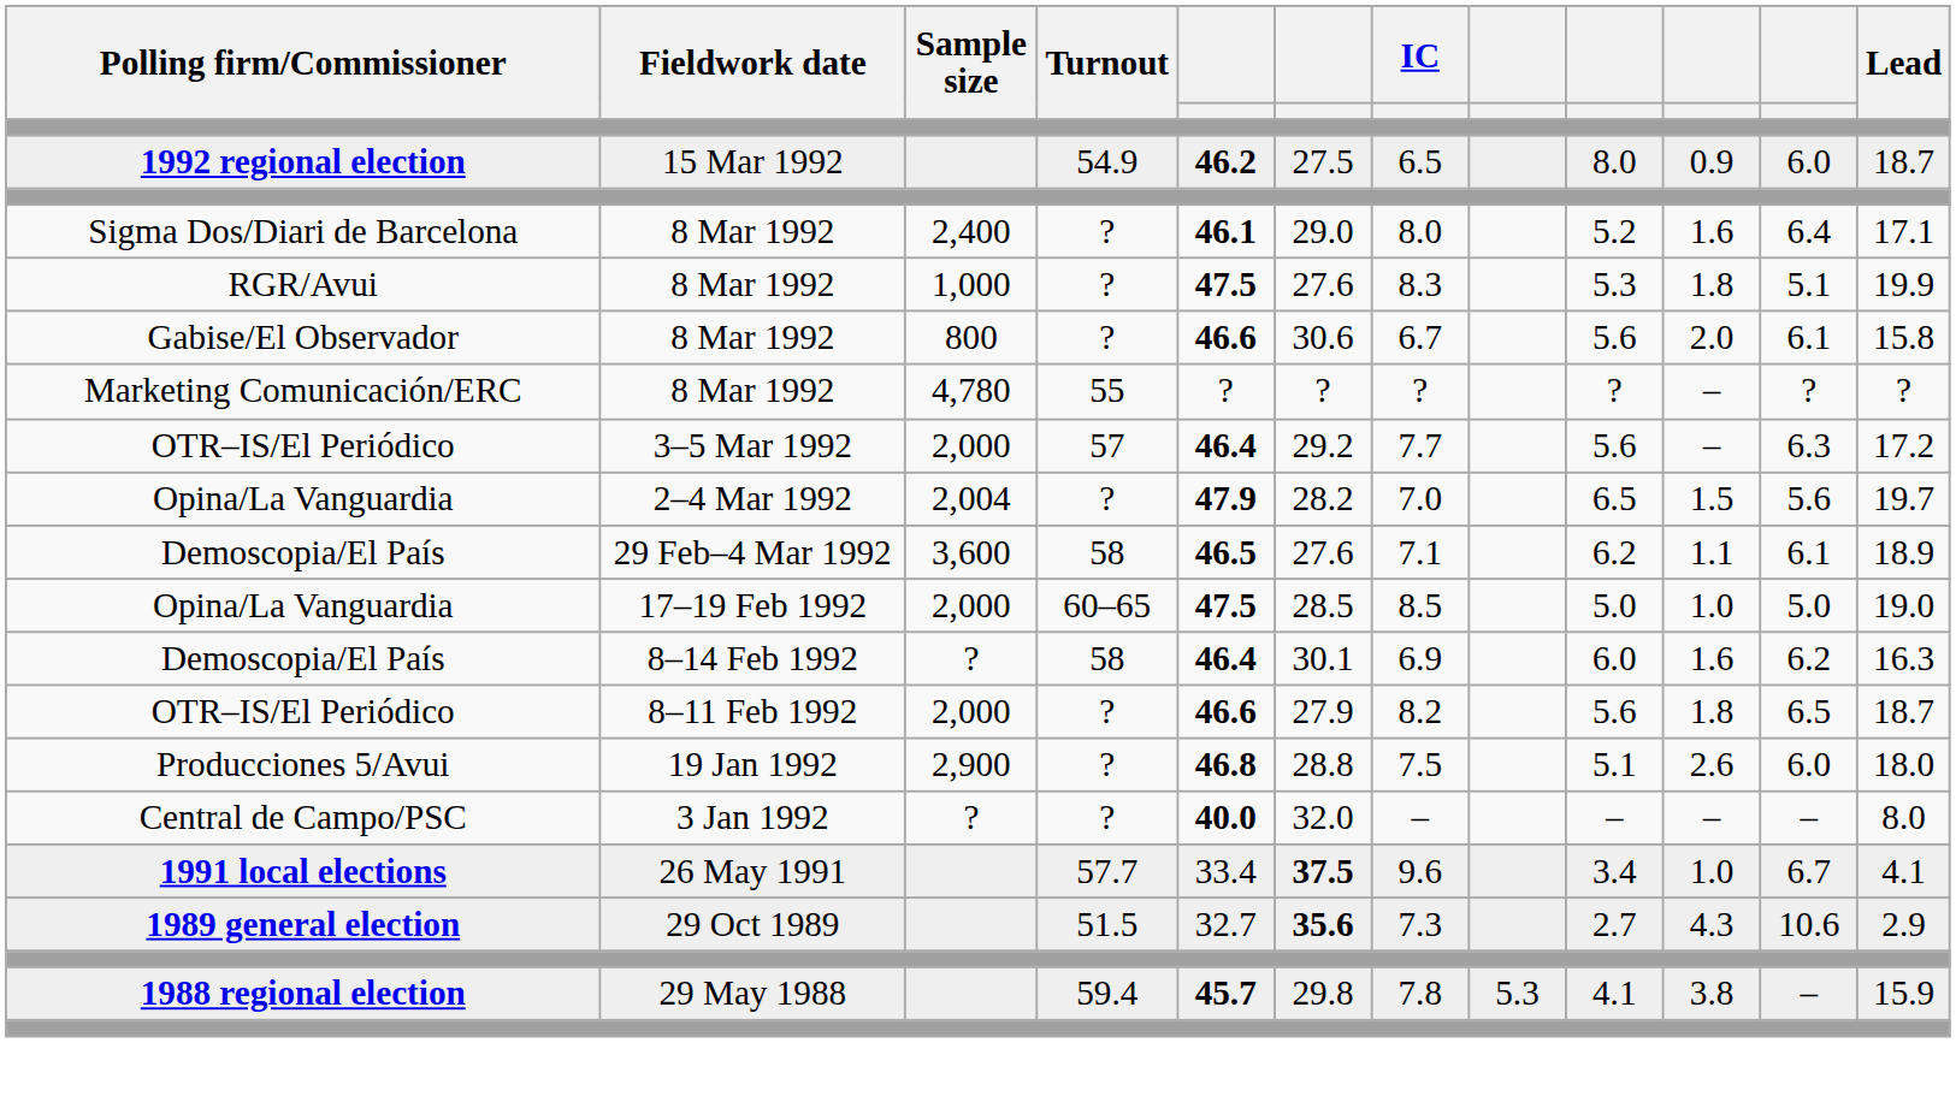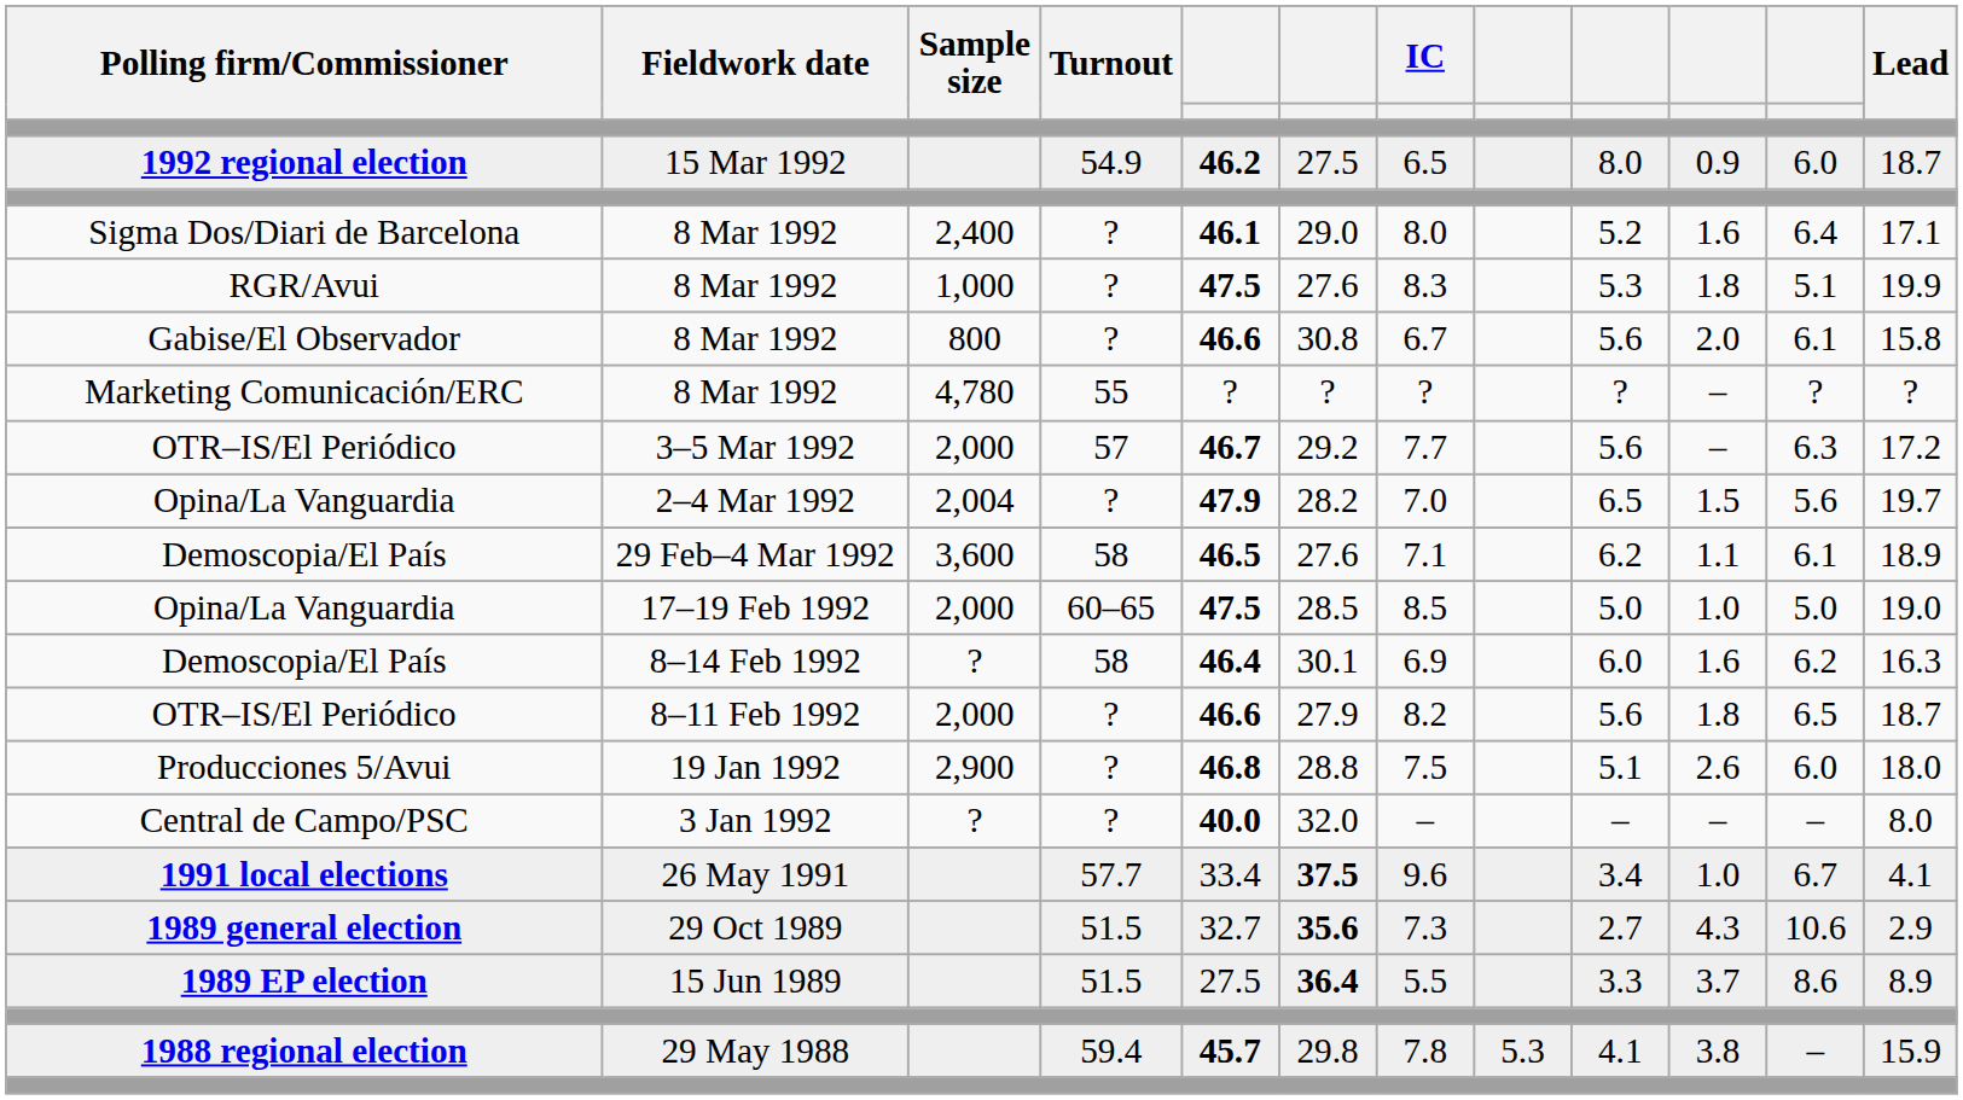 <table class="wikitable collapsible collapsed" style="text-align:center; font-size:95%; line-height:16px;">
 <tr style="height:42px;">
 <th style="width:250px;" rowspan="2">Polling firm/Commissioner</th>
 <th style="width:125px;" rowspan="2">Fieldwork date</th>
 <th style="width:50px;" rowspan="2">Sample size</th>
 <th style="width:45px;" rowspan="2">Turnout</th>
 <th style="width:35px;"></th>
 <th style="width:35px;"></th>
 <th style="width:35px;"><a href='#'>IC</a></th>
 <th style="width:35px;"></th>
 <th style="width:35px;"></th>
 <th style="width:35px;"></th>
 <th style="width:35px;"></th>
 <th style="width:30px;" rowspan="2">Lead</th>
 </tr>
 <tr>
 <th style="color:inherit;background:"></th>
 <th style="color:inherit;background:"></th>
 <th style="color:inherit;background:"></th>
 <th style="color:inherit;background:"></th>
 <th style="color:inherit;background:"></th>
 <th style="color:inherit;background:"></th>
 <th style="color:inherit;background:"></th>
 </tr>
 <tr>
 <td colspan="12" style="background:#A0A0A0"></td>
 </tr>
 <tr style="background:#EFEFEF;">
 <td><strong><a href='#'>1992 regional election</a></strong></td>
 <td>15 Mar 1992</td>
 <td></td>
 <td>54.9</td>
 <td><strong>46.2</strong><br></td>
 <td>27.5<br></td>
 <td>6.5<br></td>
 <td></td>
 <td>8.0<br></td>
 <td>0.9<br></td>
 <td>6.0<br></td>
 <td style="background:">18.7</td>
 </tr>
 <tr>
 <td colspan="12" style="background:#A0A0A0"></td>
 </tr>
 <tr>
 <td>Sigma Dos/Diari de Barcelona</td>
 <td>8 Mar 1992</td>
 <td>2,400</td>
 <td>?</td>
 <td><strong>46.1</strong><br></td>
 <td>29.0<br></td>
 <td>8.0<br></td>
 <td></td>
 <td>5.2<br></td>
 <td>1.6<br></td>
 <td>6.4<br></td>
 <td style="background:">17.1</td>
 </tr>
 <tr>
 <td>RGR/Avui</td>
 <td>8 Mar 1992</td>
 <td>1,000</td>
 <td>?</td>
 <td><strong>47.5</strong><br></td>
 <td>27.6<br></td>
 <td>8.3<br></td>
 <td></td>
 <td>5.3<br></td>
 <td>1.8<br></td>
 <td>5.1<br></td>
 <td style="background:">19.9</td>
 </tr>
 <tr>
 <td>Gabise/El Observador</td>
 <td>8 Mar 1992</td>
 <td>800</td>
 <td>?</td>
 <td><strong>46.6</strong><br></td>
-<td>30.6<br></td>
+<td>30.8<br></td>
 <td>6.7<br></td>
 <td></td>
 <td>5.6<br></td>
 <td>2.0<br></td>
 <td>6.1<br></td>
 <td style="background:">15.8</td>
 </tr>
 <tr>
 <td>Marketing Comunicación/ERC</td>
 <td>8 Mar 1992</td>
 <td>4,780</td>
 <td>55</td>
 <td>?<br></td>
 <td>?<br></td>
 <td>?<br></td>
 <td></td>
 <td>?<br></td>
 <td>–</td>
 <td>?<br></td>
 <td style="background:">?</td>
 </tr>
 <tr>
 <td>OTR–IS/El Periódico</td>
 <td>3–5 Mar 1992</td>
 <td>2,000</td>
 <td>57</td>
-<td><strong>46.4</strong><br></td>
+<td><strong>46.7</strong><br></td>
 <td>29.2<br></td>
 <td>7.7<br></td>
 <td></td>
 <td>5.6<br></td>
 <td>–</td>
 <td>6.3<br></td>
 <td style="background:">17.2</td>
 </tr>
 <tr>
 <td>Opina/La Vanguardia</td>
 <td>2–4 Mar 1992</td>
 <td>2,004</td>
 <td>?</td>
 <td><strong>47.9</strong><br></td>
 <td>28.2<br></td>
 <td>7.0<br></td>
 <td></td>
 <td>6.5<br></td>
 <td>1.5<br></td>
 <td>5.6<br></td>
 <td style="background:">19.7</td>
 </tr>
 <tr>
 <td>Demoscopia/El País</td>
 <td>29 Feb–4 Mar 1992</td>
 <td>3,600</td>
 <td>58</td>
 <td><strong>46.5</strong><br></td>
 <td>27.6<br></td>
 <td>7.1<br></td>
 <td></td>
 <td>6.2<br></td>
 <td>1.1<br></td>
 <td>6.1<br></td>
 <td style="background:">18.9</td>
 </tr>
 <tr>
 <td>Opina/La Vanguardia</td>
 <td>17–19 Feb 1992</td>
 <td>2,000</td>
 <td>60–65</td>
 <td><strong>47.5</strong><br></td>
 <td>28.5<br></td>
 <td>8.5<br></td>
 <td></td>
 <td>5.0<br></td>
 <td>1.0<br></td>
 <td>5.0<br></td>
 <td style="background:">19.0</td>
 </tr>
 <tr>
 <td>Demoscopia/El País</td>
 <td>8–14 Feb 1992</td>
 <td>?</td>
 <td>58</td>
 <td><strong>46.4</strong><br></td>
 <td>30.1<br></td>
 <td>6.9<br></td>
 <td></td>
 <td>6.0<br></td>
 <td>1.6<br></td>
 <td>6.2<br></td>
 <td style="background:">16.3</td>
 </tr>
 <tr>
 <td>OTR–IS/El Periódico</td>
 <td>8–11 Feb 1992</td>
 <td>2,000</td>
 <td>?</td>
 <td><strong>46.6</strong><br></td>
 <td>27.9<br></td>
 <td>8.2<br></td>
 <td></td>
 <td>5.6<br></td>
 <td>1.8<br></td>
 <td>6.5<br></td>
 <td style="background:">18.7</td>
 </tr>
 <tr>
 <td>Producciones 5/Avui</td>
 <td>19 Jan 1992</td>
 <td>2,900</td>
 <td>?</td>
 <td><strong>46.8</strong><br></td>
 <td>28.8<br></td>
 <td>7.5<br></td>
 <td></td>
 <td>5.1<br></td>
 <td>2.6<br></td>
 <td>6.0<br></td>
 <td style="background:">18.0</td>
 </tr>
 <tr>
 <td>Central de Campo/PSC</td>
 <td>3 Jan 1992</td>
 <td>?</td>
 <td>?</td>
 <td><strong>40.0</strong></td>
 <td>32.0</td>
 <td>–</td>
 <td></td>
 <td>–</td>
 <td>–</td>
 <td>–</td>
 <td style="background:">8.0</td>
 </tr>
 <tr style="background:#EFEFEF;">
 <td><strong><a href='#'>1991 local elections</a></strong></td>
 <td>26 May 1991</td>
 <td></td>
 <td>57.7</td>
 <td>33.4</td>
 <td><strong>37.5</strong></td>
 <td>9.6</td>
 <td></td>
 <td>3.4</td>
 <td>1.0</td>
 <td>6.7</td>
 <td style="background:">4.1</td>
 </tr>
 <tr style="background:#EFEFEF;">
 <td><strong><a href='#'>1989 general election</a></strong></td>
 <td>29 Oct 1989</td>
 <td></td>
 <td>51.5</td>
 <td>32.7<br></td>
 <td><strong>35.6</strong><br></td>
 <td>7.3<br></td>
 <td></td>
 <td>2.7<br></td>
 <td>4.3<br></td>
 <td>10.6<br></td>
 <td style="background:">2.9</td>
 </tr>
+<tr style="background:#EFEFEF;">
+<td><strong><a href='#'>1989 EP election</a></strong></td>
+<td>15 Jun 1989</td>
+<td></td>
+<td>51.5</td>
+<td>27.5<br></td>
+<td><strong>36.4</strong><br></td>
+<td>5.5<br></td>
+<td></td>
+<td>3.3<br></td>
+<td>3.7<br></td>
+<td>8.6<br></td>
+<td style="background:">8.9</td>
+</tr>
 <tr>
 <td colspan="12" style="background:#A0A0A0"></td>
 </tr>
 <tr style="background:#EFEFEF;">
 <td><strong><a href='#'>1988 regional election</a></strong></td>
 <td>29 May 1988</td>
 <td></td>
 <td>59.4</td>
 <td><strong>45.7</strong><br></td>
 <td>29.8<br></td>
 <td>7.8<br></td>
 <td>5.3<br></td>
 <td>4.1<br></td>
 <td>3.8<br></td>
 <td>–</td>
 <td style="background:">15.9</td>
 </tr>
 <tr>
 <td colspan="12" style="background:#A0A0A0"></td>
 </tr>
 </table>
